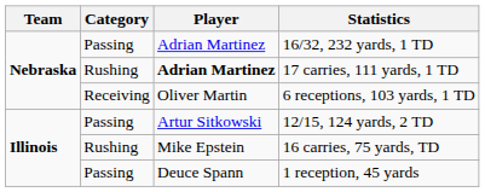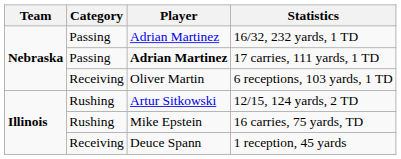 <table class="wikitable" style="float: right;">
 <tr>
 <th>Team</th>
 <th>Category</th>
 <th>Player</th>
 <th>Statistics</th>
 </tr>
 <tr>
 <td rowspan=3><strong>Nebraska</strong></td>
 <td>Passing</td>
 <td><a href='#'>Adrian Martinez</a></td>
 <td>16/32, 232 yards, 1 TD</td>
 </tr>
 <tr>
-<td>Rushing</td>
+<td>Passing</td>
 <td><strong>Adrian Martinez</strong></td>
 <td>17 carries, 111 yards, 1 TD</td>
 </tr>
 <tr>
 <td>Receiving</td>
 <td>Oliver Martin</td>
 <td>6 receptions, 103 yards, 1 TD</td>
 </tr>
 <tr>
 <td rowspan=3><strong>Illinois</strong></td>
-<td>Passing</td>
+<td>Rushing</td>
 <td><a href='#'>Artur Sitkowski</a></td>
 <td>12/15, 124 yards, 2 TD</td>
 </tr>
 <tr>
 <td>Rushing</td>
 <td>Mike Epstein</td>
 <td>16 carries, 75 yards, TD</td>
 </tr>
 <tr>
-<td>Passing</td>
+<td>Receiving</td>
 <td>Deuce Spann</td>
 <td>1 reception, 45 yards</td>
 </tr>
 </table>
